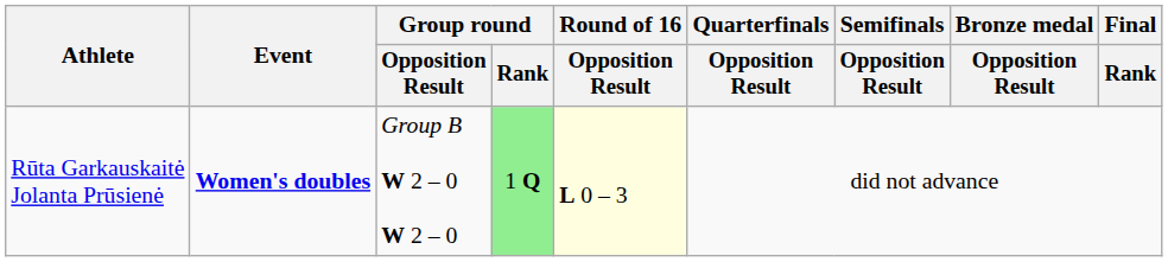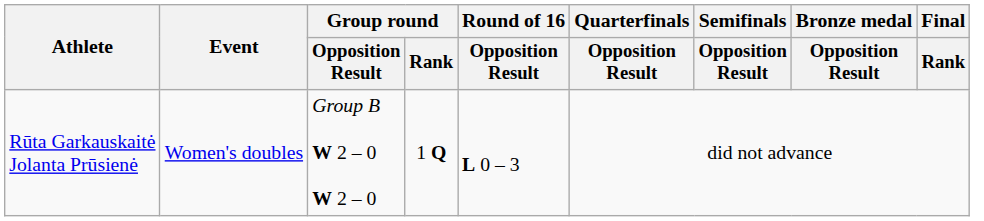 <table class="wikitable" style="font-size:90%;">
 <tr>
 <th rowspan="2">Athlete</th>
 <th rowspan="2">Event</th>
 <th colspan="2">Group round</th>
 <th>Round of 16</th>
 <th>Quarterfinals</th>
 <th>Semifinals</th>
 <th>Bronze medal</th>
 <th colspan=2>Final</th>
 </tr>
 <tr style="font-size:95%">
 <th>Opposition<br>Result</th>
 <th>Rank</th>
 <th>Opposition<br>Result</th>
 <th>Opposition<br>Result</th>
 <th>Opposition<br>Result</th>
 <th>Opposition<br>Result</th>
 <th>Rank</th>
 </tr>
 <tr align=center>
 <td align=left><a href='#'>Rūta Garkauskaitė</a><br><a href='#'>Jolanta Prūsienė</a></td>
-<td align=left><strong><a href='#'>Women's doubles</a></strong></td>
+<td align=left><a href='#'>Women's doubles</a></td>
 <td align=left><em>Group B</em><br><br><strong>W</strong> 2 – 0<br><br><strong>W</strong> 2 – 0</td>
-<td style="background: lightgreen;">1 <strong>Q</strong></td>
-<td align=left style="background: lightyellow;"><br><strong>L</strong> 0 – 3</td>
+<td>1 <strong>Q</strong></td>
+<td align=left><br><strong>L</strong> 0 – 3</td>
 <td colspan=6>did not advance</td>
 </tr>
 </table>
